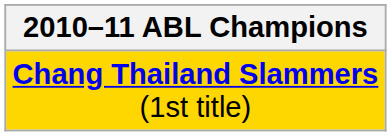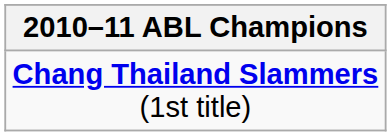 <table class="wikitable" style="text-align: center; margin: 0 auto;">
 <tr>
 <th>2010–11 ABL Champions</th>
 </tr>
 <tr>
-<td style="background: gold;"><strong><a href='#'>Chang Thailand Slammers</a></strong><br>(1st title)</td>
+<td><strong><a href='#'>Chang Thailand Slammers</a></strong><br>(1st title)</td>
 </tr>
 </table>
